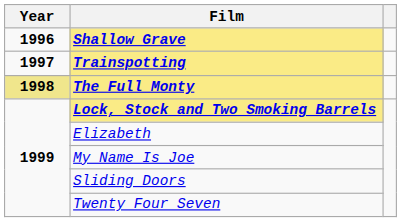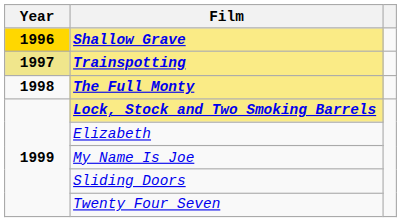 <table class="wikitable" width="40%">
 <tr>
 <th width="10%">Year</th>
 <th width="50%">Film</th>
 <th width="2%"></th>
 </tr>
 <tr>
-<td style="text-align:center"><strong>1996<br> </strong></td>
+<td style="background: gold; text-align:center"><strong>1996<br> </strong></td>
 <td style="background:#FAEB86"><strong><em><a href='#'>Shallow Grave</a></em></strong></td>
 <td style="text-align:center"></td>
 </tr>
 <tr>
-<td style="text-align:center"><strong>1997<br> </strong></td>
+<td style="background: khaki; text-align:center"><strong>1997<br> </strong></td>
 <td style="background:#FAEB86"><strong><em><a href='#'>Trainspotting</a></em></strong></td>
 <td style="text-align:center"></td>
 </tr>
 <tr>
-<td style="background: khaki; text-align:center"><strong>1998<br> </strong></td>
+<td style="text-align:center"><strong>1998<br> </strong></td>
 <td style="background:#FAEB86"><strong><em><a href='#'>The Full Monty</a></em></strong></td>
 <td style="text-align:center"></td>
 </tr>
 <tr>
 <td rowspan="5" style="text-align:center"><strong>1999<br> </strong></td>
 <td style="background:#FAEB86"><strong><em><a href='#'>Lock, Stock and Two Smoking Barrels</a></em></strong></td>
 <td rowspan="5" style="text-align:center"></td>
 </tr>
 <tr>
 <td><em><a href='#'>Elizabeth</a></em></td>
 </tr>
 <tr>
 <td><em><a href='#'>My Name Is Joe</a></em></td>
 </tr>
 <tr>
 <td><em><a href='#'>Sliding Doors</a></em></td>
 </tr>
 <tr>
 <td><em><a href='#'>Twenty Four Seven</a></em></td>
 </tr>
 </table>
